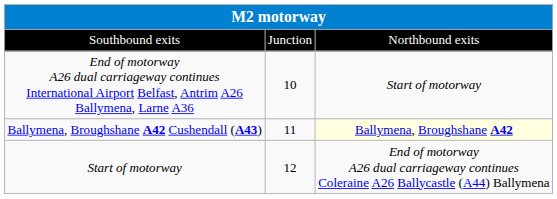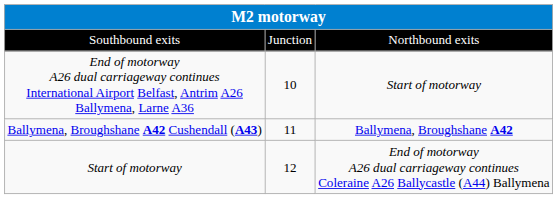 <table border=1 cellpadding=2 style="margin:auto; text-align:center; color: black; border-collapse: collapse; font-size: 95%;" class="wikitable">
 <tr align="center" bgcolor="0080d0" style="color: white;font-size:120%;">
 <td colspan="3"><strong>M2 motorway</strong></td>
 </tr>
 <tr align="center" bgcolor="000000" style="color: white">
 <td>Southbound exits</td>
 <td>Junction</td>
 <td>Northbound exits</td>
 </tr>
 <tr align="center">
 <td><em>End of motorway</em><br><em>A26 dual carriageway continues</em><br><a href='#'>International Airport</a>  <a href='#'>Belfast</a>, <a href='#'>Antrim</a> <a href='#'><span>A26</span></a><br><a href='#'>Ballymena</a>, <a href='#'>Larne</a> <a href='#'><span>A36</span></a></td>
 <td align="center">10</td>
 <td><em>Start of motorway </em></td>
 </tr>
 <tr align="center">
 <td><a href='#'>Ballymena</a>, <a href='#'>Broughshane</a> <a href='#'><span><strong>A42</strong></span></a> <a href='#'>Cushendall</a> (<a href='#'><span><strong>A43</strong></span></a>)</td>
 <td align="center">11</td>
-<td style="background: lightyellow;"><a href='#'>Ballymena</a>, <a href='#'>Broughshane</a> <a href='#'><span><strong>A42</strong></span></a></td>
+<td><a href='#'>Ballymena</a>, <a href='#'>Broughshane</a> <a href='#'><span><strong>A42</strong></span></a></td>
 </tr>
 <tr align="center">
 <td><em>Start of motorway</em></td>
 <td align="center">12</td>
 <td><em>End of motorway</em> <br><em>A26 dual carriageway continues</em><br> <a href='#'>Coleraine</a> <a href='#'><span>A26</span></a> <a href='#'>Ballycastle</a> (<a href='#'><span>A44</span></a>) Ballymena</td>
 </tr>
 </table>
